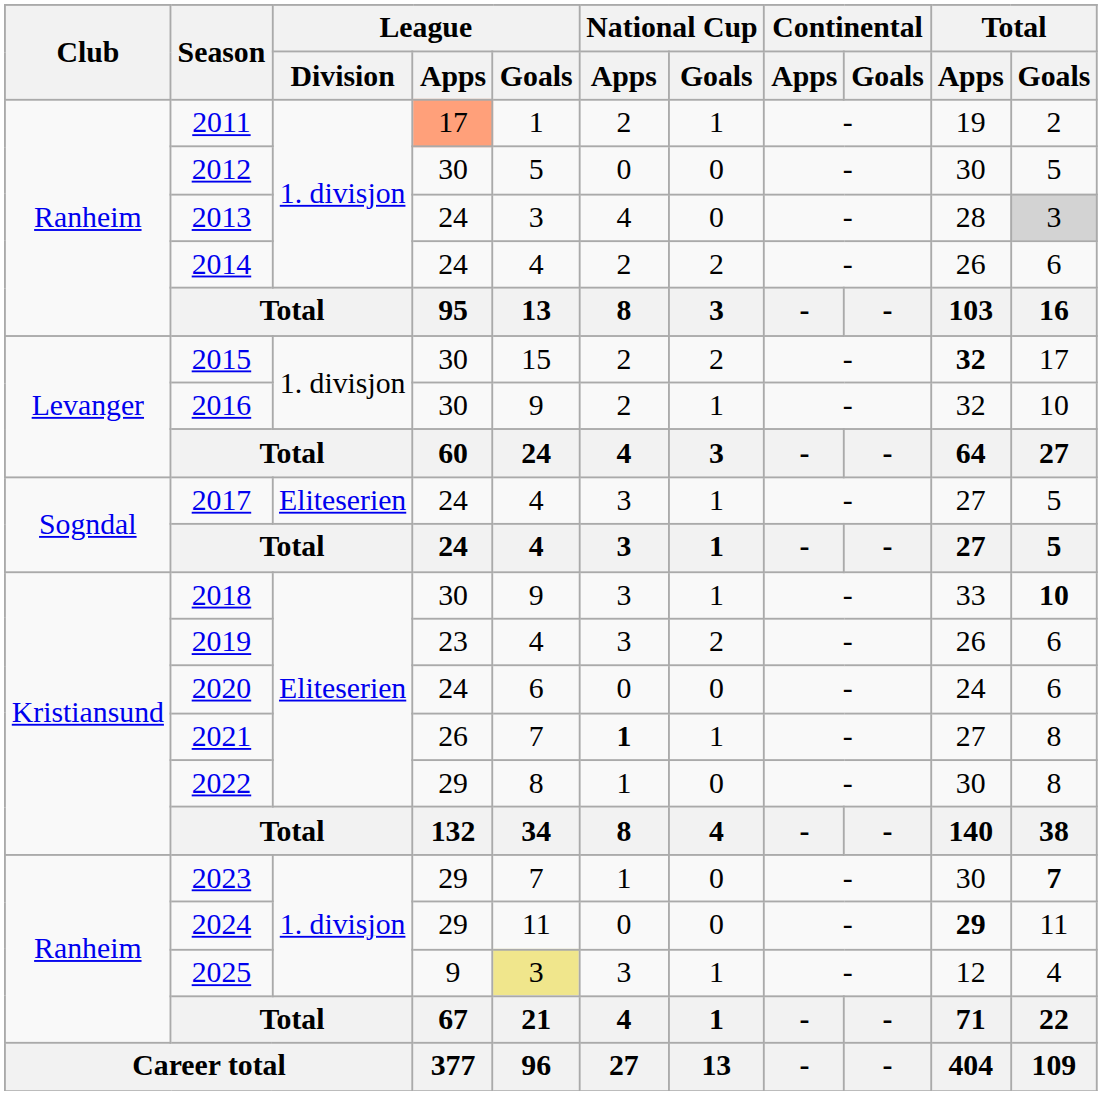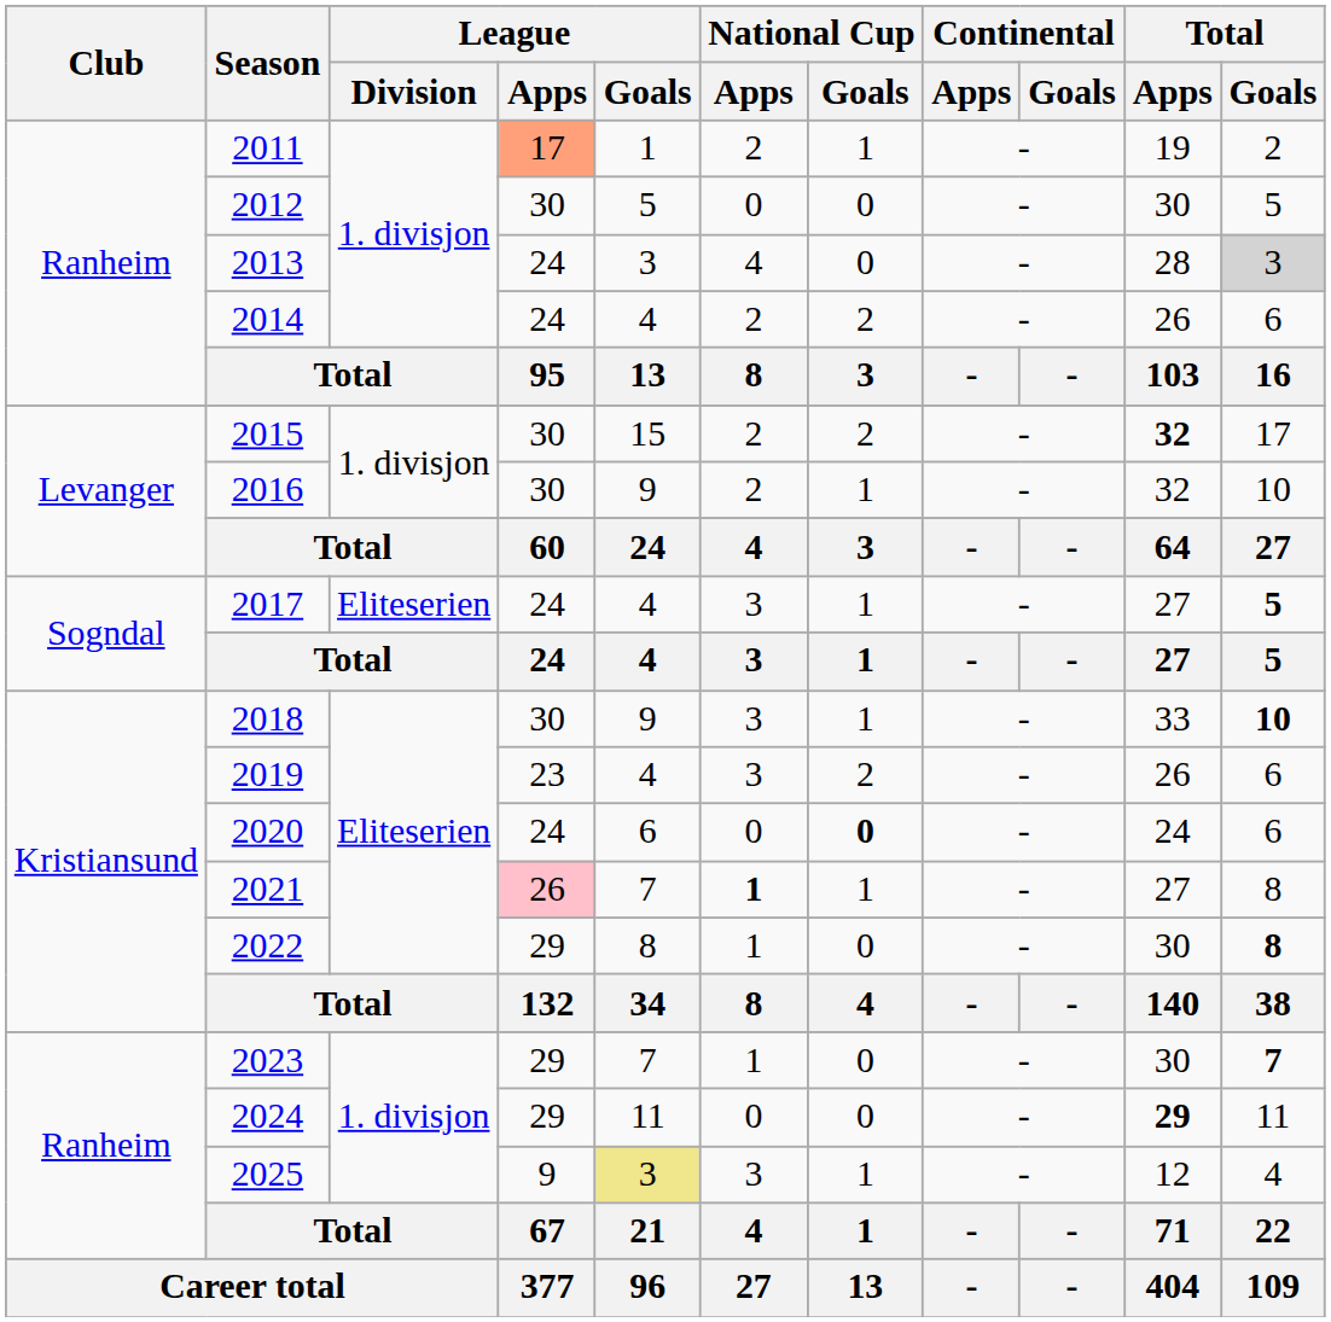 <table class="wikitable" style="text-align: center;">
 <tr>
 <th rowspan="2">Club</th>
 <th rowspan="2">Season</th>
 <th colspan="3">League</th>
 <th colspan="2">National Cup</th>
 <th colspan="2">Continental</th>
 <th colspan="2">Total</th>
 </tr>
 <tr>
 <th>Division</th>
 <th>Apps</th>
 <th>Goals</th>
 <th>Apps</th>
 <th>Goals</th>
 <th>Apps</th>
 <th>Goals</th>
 <th>Apps</th>
 <th>Goals</th>
 </tr>
 <tr>
 <td rowspan="5"><a href='#'>Ranheim</a></td>
 <td><a href='#'>2011</a></td>
 <td rowspan="4"><a href='#'>1. divisjon</a></td>
 <td style="background: lightsalmon;">17</td>
 <td>1</td>
 <td>2</td>
 <td>1</td>
 <td colspan="2">-</td>
 <td>19</td>
 <td>2</td>
 </tr>
 <tr>
 <td><a href='#'>2012</a></td>
 <td>30</td>
 <td>5</td>
 <td>0</td>
 <td>0</td>
 <td colspan="2">-</td>
 <td>30</td>
 <td>5</td>
 </tr>
 <tr>
 <td><a href='#'>2013</a></td>
 <td>24</td>
 <td>3</td>
 <td>4</td>
 <td>0</td>
 <td colspan="2">-</td>
 <td>28</td>
 <td style="background: lightgrey;">3</td>
 </tr>
 <tr>
 <td><a href='#'>2014</a></td>
 <td>24</td>
 <td>4</td>
 <td>2</td>
 <td>2</td>
 <td colspan="2">-</td>
 <td>26</td>
 <td>6</td>
 </tr>
 <tr>
 <th colspan="2">Total</th>
 <th>95</th>
 <th>13</th>
 <th>8</th>
 <th>3</th>
 <th>-</th>
 <th>-</th>
 <th>103</th>
 <th>16</th>
 </tr>
 <tr>
 <td rowspan="3"><a href='#'>Levanger</a></td>
 <td><a href='#'>2015</a></td>
 <td rowspan="2">1. divisjon</td>
 <td>30</td>
 <td>15</td>
 <td>2</td>
 <td>2</td>
 <td colspan="2">-</td>
 <td><strong>32</strong></td>
 <td>17</td>
 </tr>
 <tr>
 <td><a href='#'>2016</a></td>
 <td>30</td>
 <td>9</td>
 <td>2</td>
 <td>1</td>
 <td colspan="2">-</td>
 <td>32</td>
 <td>10</td>
 </tr>
 <tr>
 <th colspan="2">Total</th>
 <th>60</th>
 <th>24</th>
 <th>4</th>
 <th>3</th>
 <th>-</th>
 <th>-</th>
 <th>64</th>
 <th>27</th>
 </tr>
 <tr>
 <td rowspan="2"><a href='#'>Sogndal</a></td>
 <td><a href='#'>2017</a></td>
 <td rowspan="1"><a href='#'>Eliteserien</a></td>
 <td>24</td>
 <td>4</td>
 <td>3</td>
 <td>1</td>
 <td colspan="2">-</td>
 <td>27</td>
-<td>5</td>
+<td><strong>5</strong></td>
 </tr>
 <tr>
 <th colspan="2">Total</th>
 <th>24</th>
 <th>4</th>
 <th>3</th>
 <th>1</th>
 <th>-</th>
 <th>-</th>
 <th>27</th>
 <th>5</th>
 </tr>
 <tr>
 <td rowspan="6"><a href='#'>Kristiansund</a></td>
 <td><a href='#'>2018</a></td>
 <td rowspan="5"><a href='#'>Eliteserien</a></td>
 <td>30</td>
 <td>9</td>
 <td>3</td>
 <td>1</td>
 <td colspan="2">-</td>
 <td>33</td>
 <td><strong>10</strong></td>
 </tr>
 <tr>
 <td><a href='#'>2019</a></td>
 <td>23</td>
 <td>4</td>
 <td>3</td>
 <td>2</td>
 <td colspan="2">-</td>
 <td>26</td>
 <td>6</td>
 </tr>
 <tr>
 <td><a href='#'>2020</a></td>
 <td>24</td>
 <td>6</td>
 <td>0</td>
-<td>0</td>
+<td><strong>0</strong></td>
 <td colspan="2">-</td>
 <td>24</td>
 <td>6</td>
 </tr>
 <tr>
 <td><a href='#'>2021</a></td>
-<td>26</td>
+<td style="background: pink;">26</td>
 <td>7</td>
 <td><strong>1</strong></td>
 <td>1</td>
 <td colspan="2">-</td>
 <td>27</td>
 <td>8</td>
 </tr>
 <tr>
 <td><a href='#'>2022</a></td>
 <td>29</td>
 <td>8</td>
 <td>1</td>
 <td>0</td>
 <td colspan="2">-</td>
 <td>30</td>
-<td>8</td>
+<td><strong>8</strong></td>
 </tr>
 <tr>
 <th colspan="2">Total</th>
 <th>132</th>
 <th>34</th>
 <th>8</th>
 <th>4</th>
 <th>-</th>
 <th>-</th>
 <th>140</th>
 <th>38</th>
 </tr>
 <tr>
 <td rowspan="4"><a href='#'>Ranheim</a></td>
 <td><a href='#'>2023</a></td>
 <td rowspan="3"><a href='#'>1. divisjon</a></td>
 <td>29</td>
 <td>7</td>
 <td>1</td>
 <td>0</td>
 <td colspan="2">-</td>
 <td>30</td>
 <td><strong>7</strong></td>
 </tr>
 <tr>
 <td><a href='#'>2024</a></td>
 <td>29</td>
 <td>11</td>
 <td>0</td>
 <td>0</td>
 <td colspan="2">-</td>
 <td><strong>29</strong></td>
 <td>11</td>
 </tr>
 <tr>
 <td><a href='#'>2025</a></td>
 <td>9</td>
 <td style="background: khaki;">3</td>
 <td>3</td>
 <td>1</td>
 <td colspan="2">-</td>
 <td>12</td>
 <td>4</td>
 </tr>
 <tr>
 <th colspan="2">Total</th>
 <th>67</th>
 <th>21</th>
 <th>4</th>
 <th>1</th>
 <th>-</th>
 <th>-</th>
 <th>71</th>
 <th>22</th>
 </tr>
 <tr>
 <th colspan="3">Career total</th>
 <th>377</th>
 <th>96</th>
 <th>27</th>
 <th>13</th>
 <th>-</th>
 <th>-</th>
 <th>404</th>
 <th>109</th>
 </tr>
 </table>
